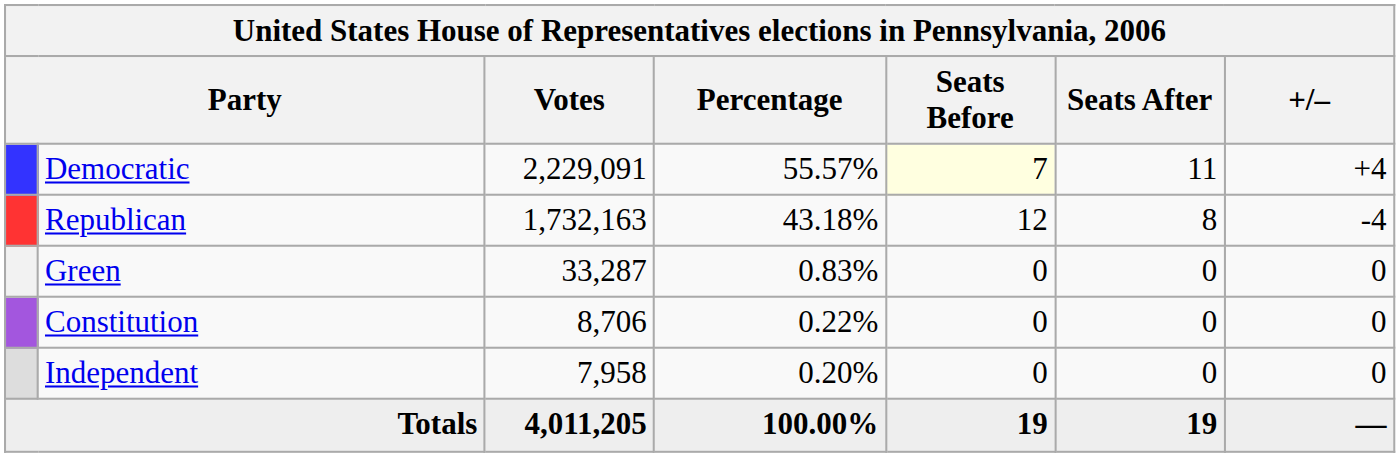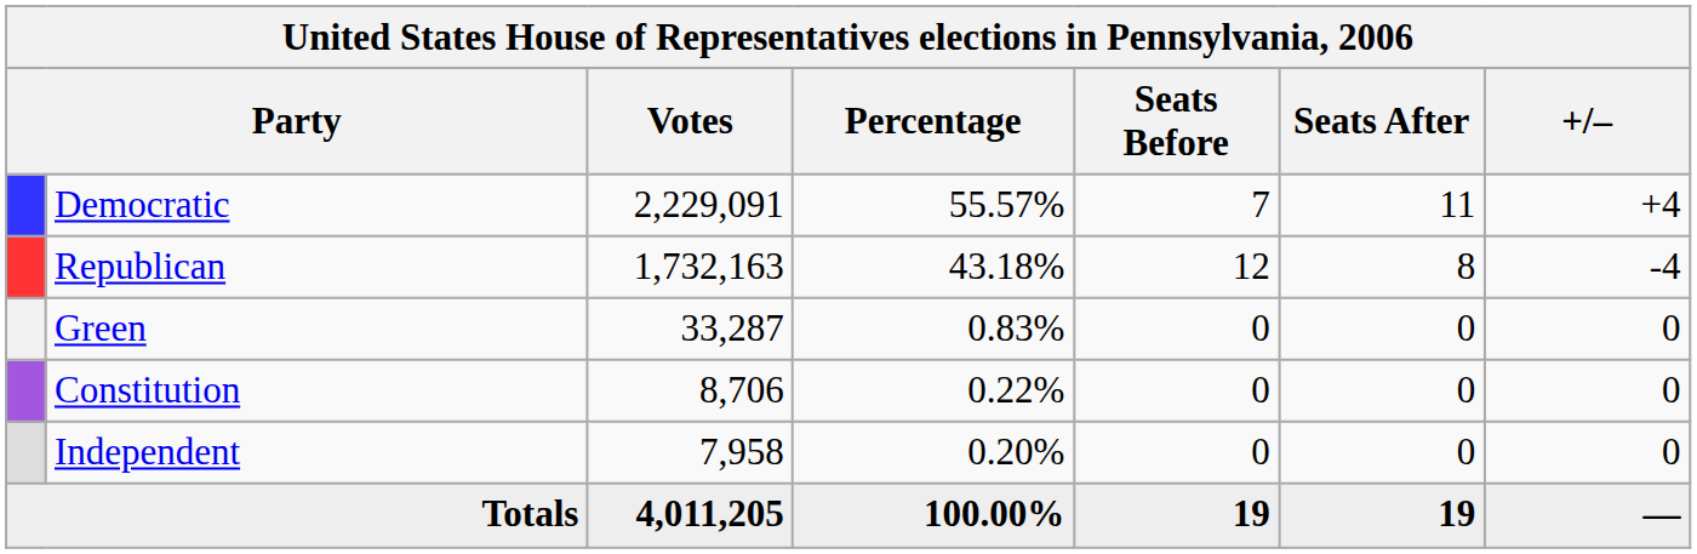 <table class="wikitable" style="font-size: 95%;">
 <tr>
 <th colspan="7">United States House of Representatives elections in Pennsylvania, 2006</th>
 </tr>
 <tr>
 <th colspan=2 style="width: 15em">Party</th>
 <th style="width: 5em">Votes</th>
 <th style="width: 7em">Percentage</th>
 <th style="width: 5em">Seats Before</th>
 <th style="width: 5em">Seats After</th>
 <th style="width: 5em">+/–</th>
 </tr>
 <tr>
 <th style="background-color:#3333FF; width: 3px"></th>
 <td style="width: 130px"><a href='#'>Democratic</a></td>
 <td align="right">2,229,091</td>
 <td align="right">55.57%</td>
-<td align="right" style="background: lightyellow;">7</td>
+<td align="right">7</td>
 <td align="right">11</td>
 <td align="right">+4</td>
 </tr>
 <tr>
 <th style="background-color:#FF3333; width: 3px"></th>
 <td style="width: 130px"><a href='#'>Republican</a></td>
 <td align="right">1,732,163</td>
 <td align="right">43.18%</td>
 <td align="right">12</td>
 <td align="right">8</td>
 <td align="right">-4</td>
 </tr>
 <tr>
 <th style="background-color:"></th>
 <td style="width: 130px"><a href='#'>Green</a></td>
 <td align="right">33,287</td>
 <td align="right">0.83%</td>
 <td align="right">0</td>
 <td align="right">0</td>
 <td align="right">0</td>
 </tr>
 <tr>
 <th style="background-color:#A356DE; width: 3px"></th>
 <td style="width: 130px"><a href='#'>Constitution</a></td>
 <td align="right">8,706</td>
 <td align="right">0.22%</td>
 <td align="right">0</td>
 <td align="right">0</td>
 <td align="right">0</td>
 </tr>
 <tr>
 <th style="background-color:#DDDDDD; width: 3px"></th>
 <td style="width: 130px"><a href='#'>Independent</a></td>
 <td align="right">7,958</td>
 <td align="right">0.20%</td>
 <td align="right">0</td>
 <td align="right">0</td>
 <td align="right">0</td>
 </tr>
 <tr bgcolor="#EEEEEE">
 <td colspan="2" align="right"><strong>Totals</strong></td>
 <td align="right"><strong>4,011,205</strong></td>
 <td align="right"><strong>100.00%</strong></td>
 <td align="right"><strong>19</strong></td>
 <td align="right"><strong>19</strong></td>
 <td align="right"><strong>—</strong></td>
 </tr>
 </table>
